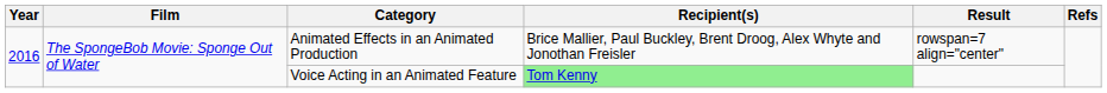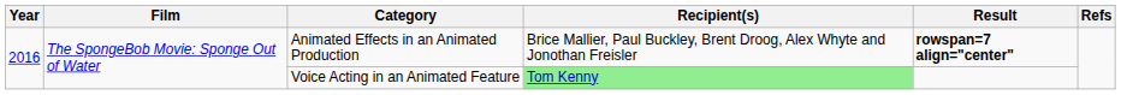 <table class="wikitable">
 <tr>
 <th>Year</th>
 <th>Film</th>
 <th>Category</th>
 <th>Recipient(s)</th>
 <th>Result</th>
 <th>Refs</th>
 </tr>
 <tr>
 <td rowspan="7"><a href='#'>2016</a></td>
 <td rowspan="2"><em><a href='#'>The SpongeBob Movie: Sponge Out of Water</a></em></td>
 <td>Animated Effects in an Animated Production</td>
 <td>Brice Mallier, Paul Buckley, Brent Droog, Alex Whyte and Jonothan Freisler</td>
-<td>rowspan=7 align="center" </td>
+<td><strong>rowspan=7 align="center" </strong></td>
 <td rowspan="7"></td>
 </tr>
 <tr>
 <td>Voice Acting in an Animated Feature</td>
 <td style="background: lightgreen;"><a href='#'>Tom Kenny</a></td>
 </tr>
 </table>
